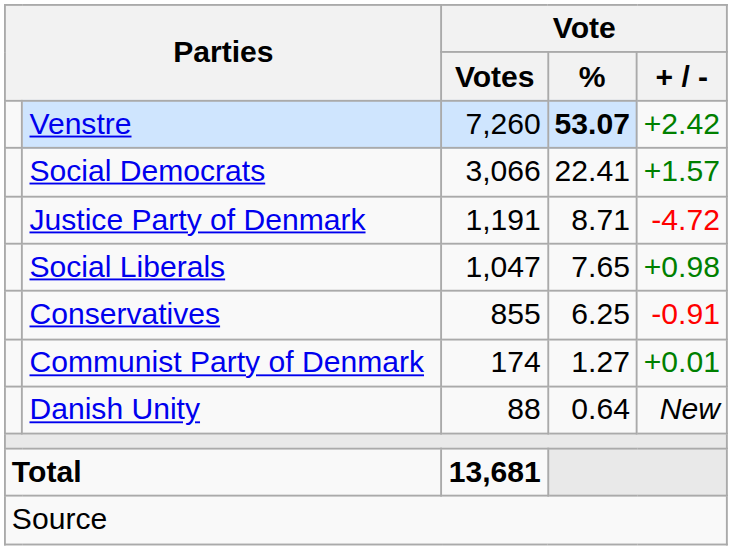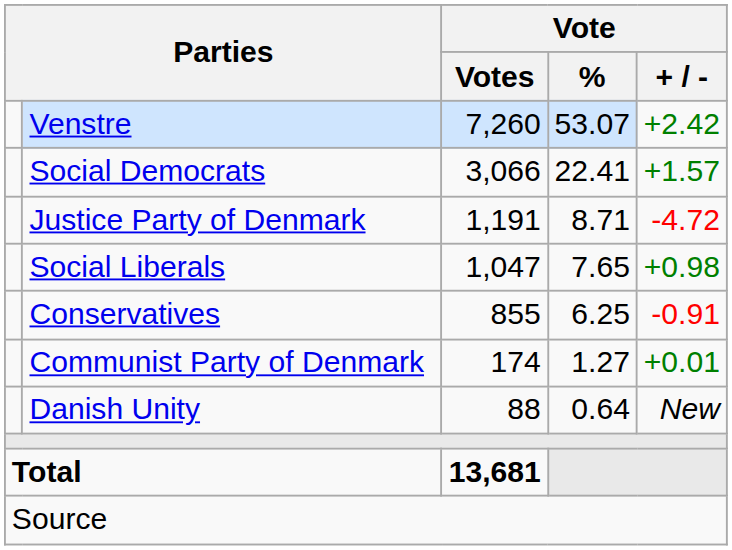 <table class="wikitable" style="text-align:right;">
 <tr>
 <th style="text-align:centre;" rowspan="2" colspan="2" width="225">Parties</th>
 <th colspan="3">Vote</th>
 </tr>
 <tr>
 <th width="15">Votes</th>
 <th width="15">%</th>
 <th width="15">+ / -</th>
 </tr>
 <tr>
 <td width="2" style="color:inherit;background:"></td>
 <td bgcolor=#cfe5fe  align="left"><a href='#'>Venstre</a></td>
 <td bgcolor=#cfe5fe>7,260</td>
-<td bgcolor=#cfe5fe><strong>53.07</strong></td>
+<td bgcolor=#cfe5fe>53.07</td>
 <td style=color:green;>+2.42</td>
 </tr>
 <tr>
 <td width="2" style="color:inherit;background:"></td>
 <td align="left"><a href='#'>Social Democrats</a></td>
 <td>3,066</td>
 <td>22.41</td>
 <td style=color:green;>+1.57</td>
 </tr>
 <tr>
 <td width="2" style="color:inherit;background:"></td>
 <td align="left"><a href='#'>Justice Party of Denmark</a></td>
 <td>1,191</td>
 <td>8.71</td>
 <td style=color:red;>-4.72</td>
 </tr>
 <tr>
 <td width="2" style="color:inherit;background:"></td>
 <td align="left"><a href='#'>Social Liberals</a></td>
 <td>1,047</td>
 <td>7.65</td>
 <td style=color:green;>+0.98</td>
 </tr>
 <tr>
 <td width="2" style="color:inherit;background:"></td>
 <td align="left"><a href='#'>Conservatives</a></td>
 <td>855</td>
 <td>6.25</td>
 <td style=color:red;>-0.91</td>
 </tr>
 <tr>
 <td width="2" style="color:inherit;background:"></td>
 <td align="left"><a href='#'>Communist Party of Denmark</a></td>
 <td>174</td>
 <td>1.27</td>
 <td style=color:green;>+0.01</td>
 </tr>
 <tr>
 <td width="2" style="color:inherit;background:"></td>
 <td align="left"><a href='#'>Danish Unity</a></td>
 <td>88</td>
 <td>0.64</td>
 <td><em>New</em></td>
 </tr>
 <tr>
 <td colspan="7" bgcolor="#E9E9E9"></td>
 </tr>
 <tr>
 <td align="left" colspan="2"><strong>Total</strong></td>
 <td><strong>13,681</strong></td>
 <td bgcolor="#E9E9E9" colspan="2"></td>
 </tr>
 <tr>
 <td align="left" colspan="6">Source</td>
 </tr>
 </table>
